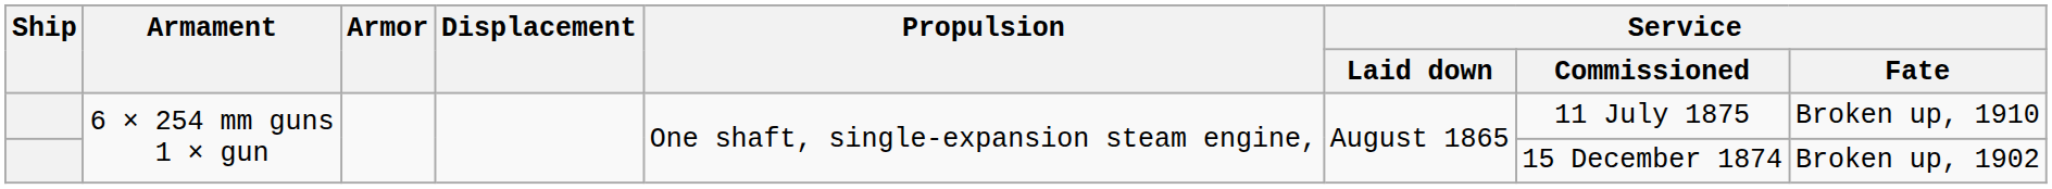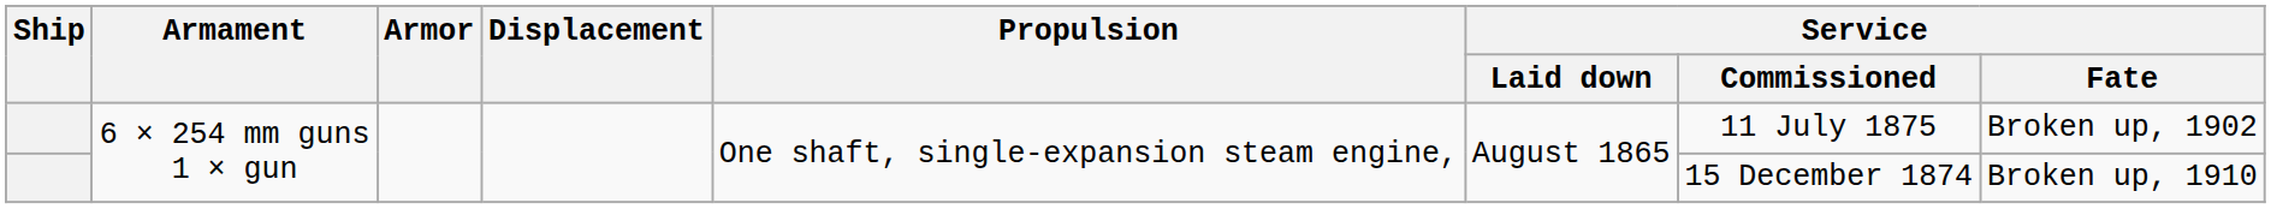 <table class="wikitable plainrowheaders" style="text-align: center;">
 <tr valign="top">
 <th scope="col" rowspan="2">Ship</th>
 <th scope="col" rowspan="2">Armament</th>
 <th scope="col" rowspan="2">Armor</th>
 <th scope="col" rowspan="2">Displacement</th>
 <th scope="col" rowspan="2">Propulsion</th>
 <th scope="col" colspan="3">Service</th>
 </tr>
 <tr valign="top">
 <th scope="col">Laid down</th>
 <th scope="col">Commissioned</th>
 <th scope="col">Fate</th>
 </tr>
 <tr valign="center">
 <th scope="row"></th>
 <td rowspan="2">6 × 254 mm guns<br>1 ×  gun</td>
 <td rowspan="2"></td>
 <td rowspan="2"></td>
 <td rowspan="2">One shaft, single-expansion steam engine, </td>
 <td rowspan="2">August 1865</td>
 <td>11 July 1875</td>
-<td>Broken up, 1910</td>
+<td>Broken up, 1902</td>
 </tr>
 <tr valign="center">
 <th scope="row"></th>
 <td>15 December 1874</td>
-<td>Broken up, 1902</td>
+<td>Broken up, 1910</td>
 </tr>
 </table>
